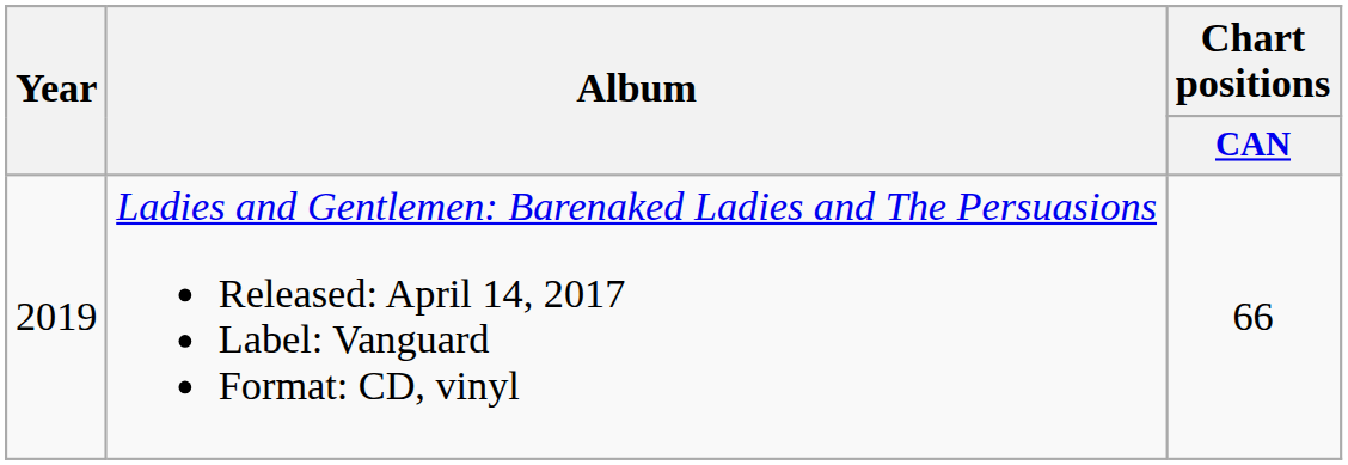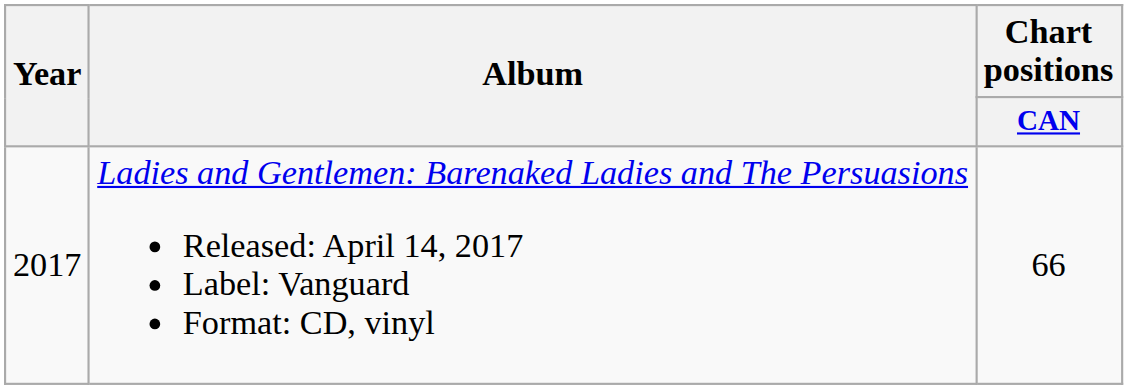 <table class="wikitable">
 <tr>
 <th rowspan="2">Year</th>
 <th rowspan="2">Album</th>
 <th colspan="1">Chart positions</th>
 </tr>
 <tr>
 <th style="width:2em;font-size:85%"><a href='#'>CAN</a><br></th>
 </tr>
 <tr>
-<td>2019</td>
+<td>2017</td>
 <td><em><a href='#'>Ladies and Gentlemen: Barenaked Ladies and The Persuasions</a></em> <br><ul><li>Released: April 14, 2017</li><li>Label: Vanguard</li><li>Format: CD, vinyl</li></ul></td>
 <td align="center">66</td>
 </tr>
 </table>
